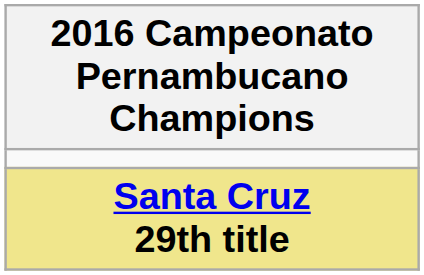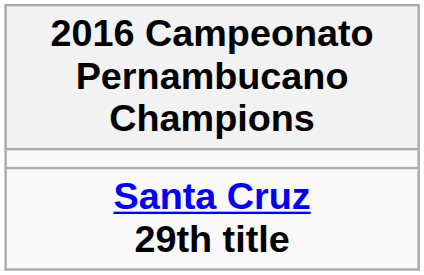 <table class="wikitable" style="text-align: center; margin: 0 auto; width: 20%">
 <tr>
 <th>2016 Campeonato Pernambucano<br>Champions</th>
 </tr>
 <tr>
 <td></td>
 </tr>
 <tr>
-<td style="background: khaki;"><strong><a href='#'>Santa Cruz</a></strong><br><strong>29th title</strong></td>
+<td><strong><a href='#'>Santa Cruz</a></strong><br><strong>29th title</strong></td>
 </tr>
 </table>
